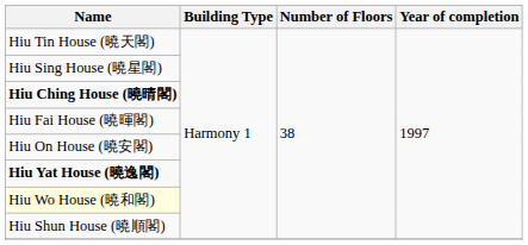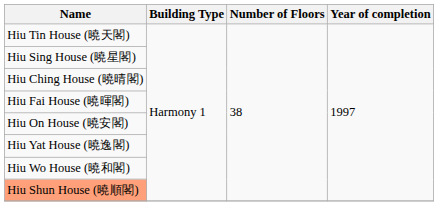 <table class="wikitable">
 <tr>
 <th>Name</th>
 <th>Building Type</th>
 <th>Number of Floors</th>
 <th>Year of completion</th>
 </tr>
 <tr>
 <td>Hiu Tin House (曉天閣)</td>
 <td rowspan="8">Harmony 1</td>
 <td rowspan="8">38</td>
 <td rowspan="8">1997</td>
 </tr>
 <tr>
 <td>Hiu Sing House (曉星閣)</td>
 </tr>
 <tr>
-<td><strong>Hiu Ching House (曉晴閣)</strong></td>
+<td>Hiu Ching House (曉晴閣)</td>
 </tr>
 <tr>
 <td>Hiu Fai House (曉暉閣)</td>
 </tr>
 <tr>
 <td>Hiu On House (曉安閣)</td>
 </tr>
 <tr>
-<td><strong>Hiu Yat House (曉逸閣)</strong></td>
+<td>Hiu Yat House (曉逸閣)</td>
 </tr>
 <tr>
-<td style="background: lightyellow;">Hiu Wo House (曉和閣)</td>
+<td>Hiu Wo House (曉和閣)</td>
 </tr>
 <tr>
-<td>Hiu Shun House (曉順閣)</td>
+<td style="background: lightsalmon;">Hiu Shun House (曉順閣)</td>
 </tr>
 <tr>
 </tr>
 </table>
